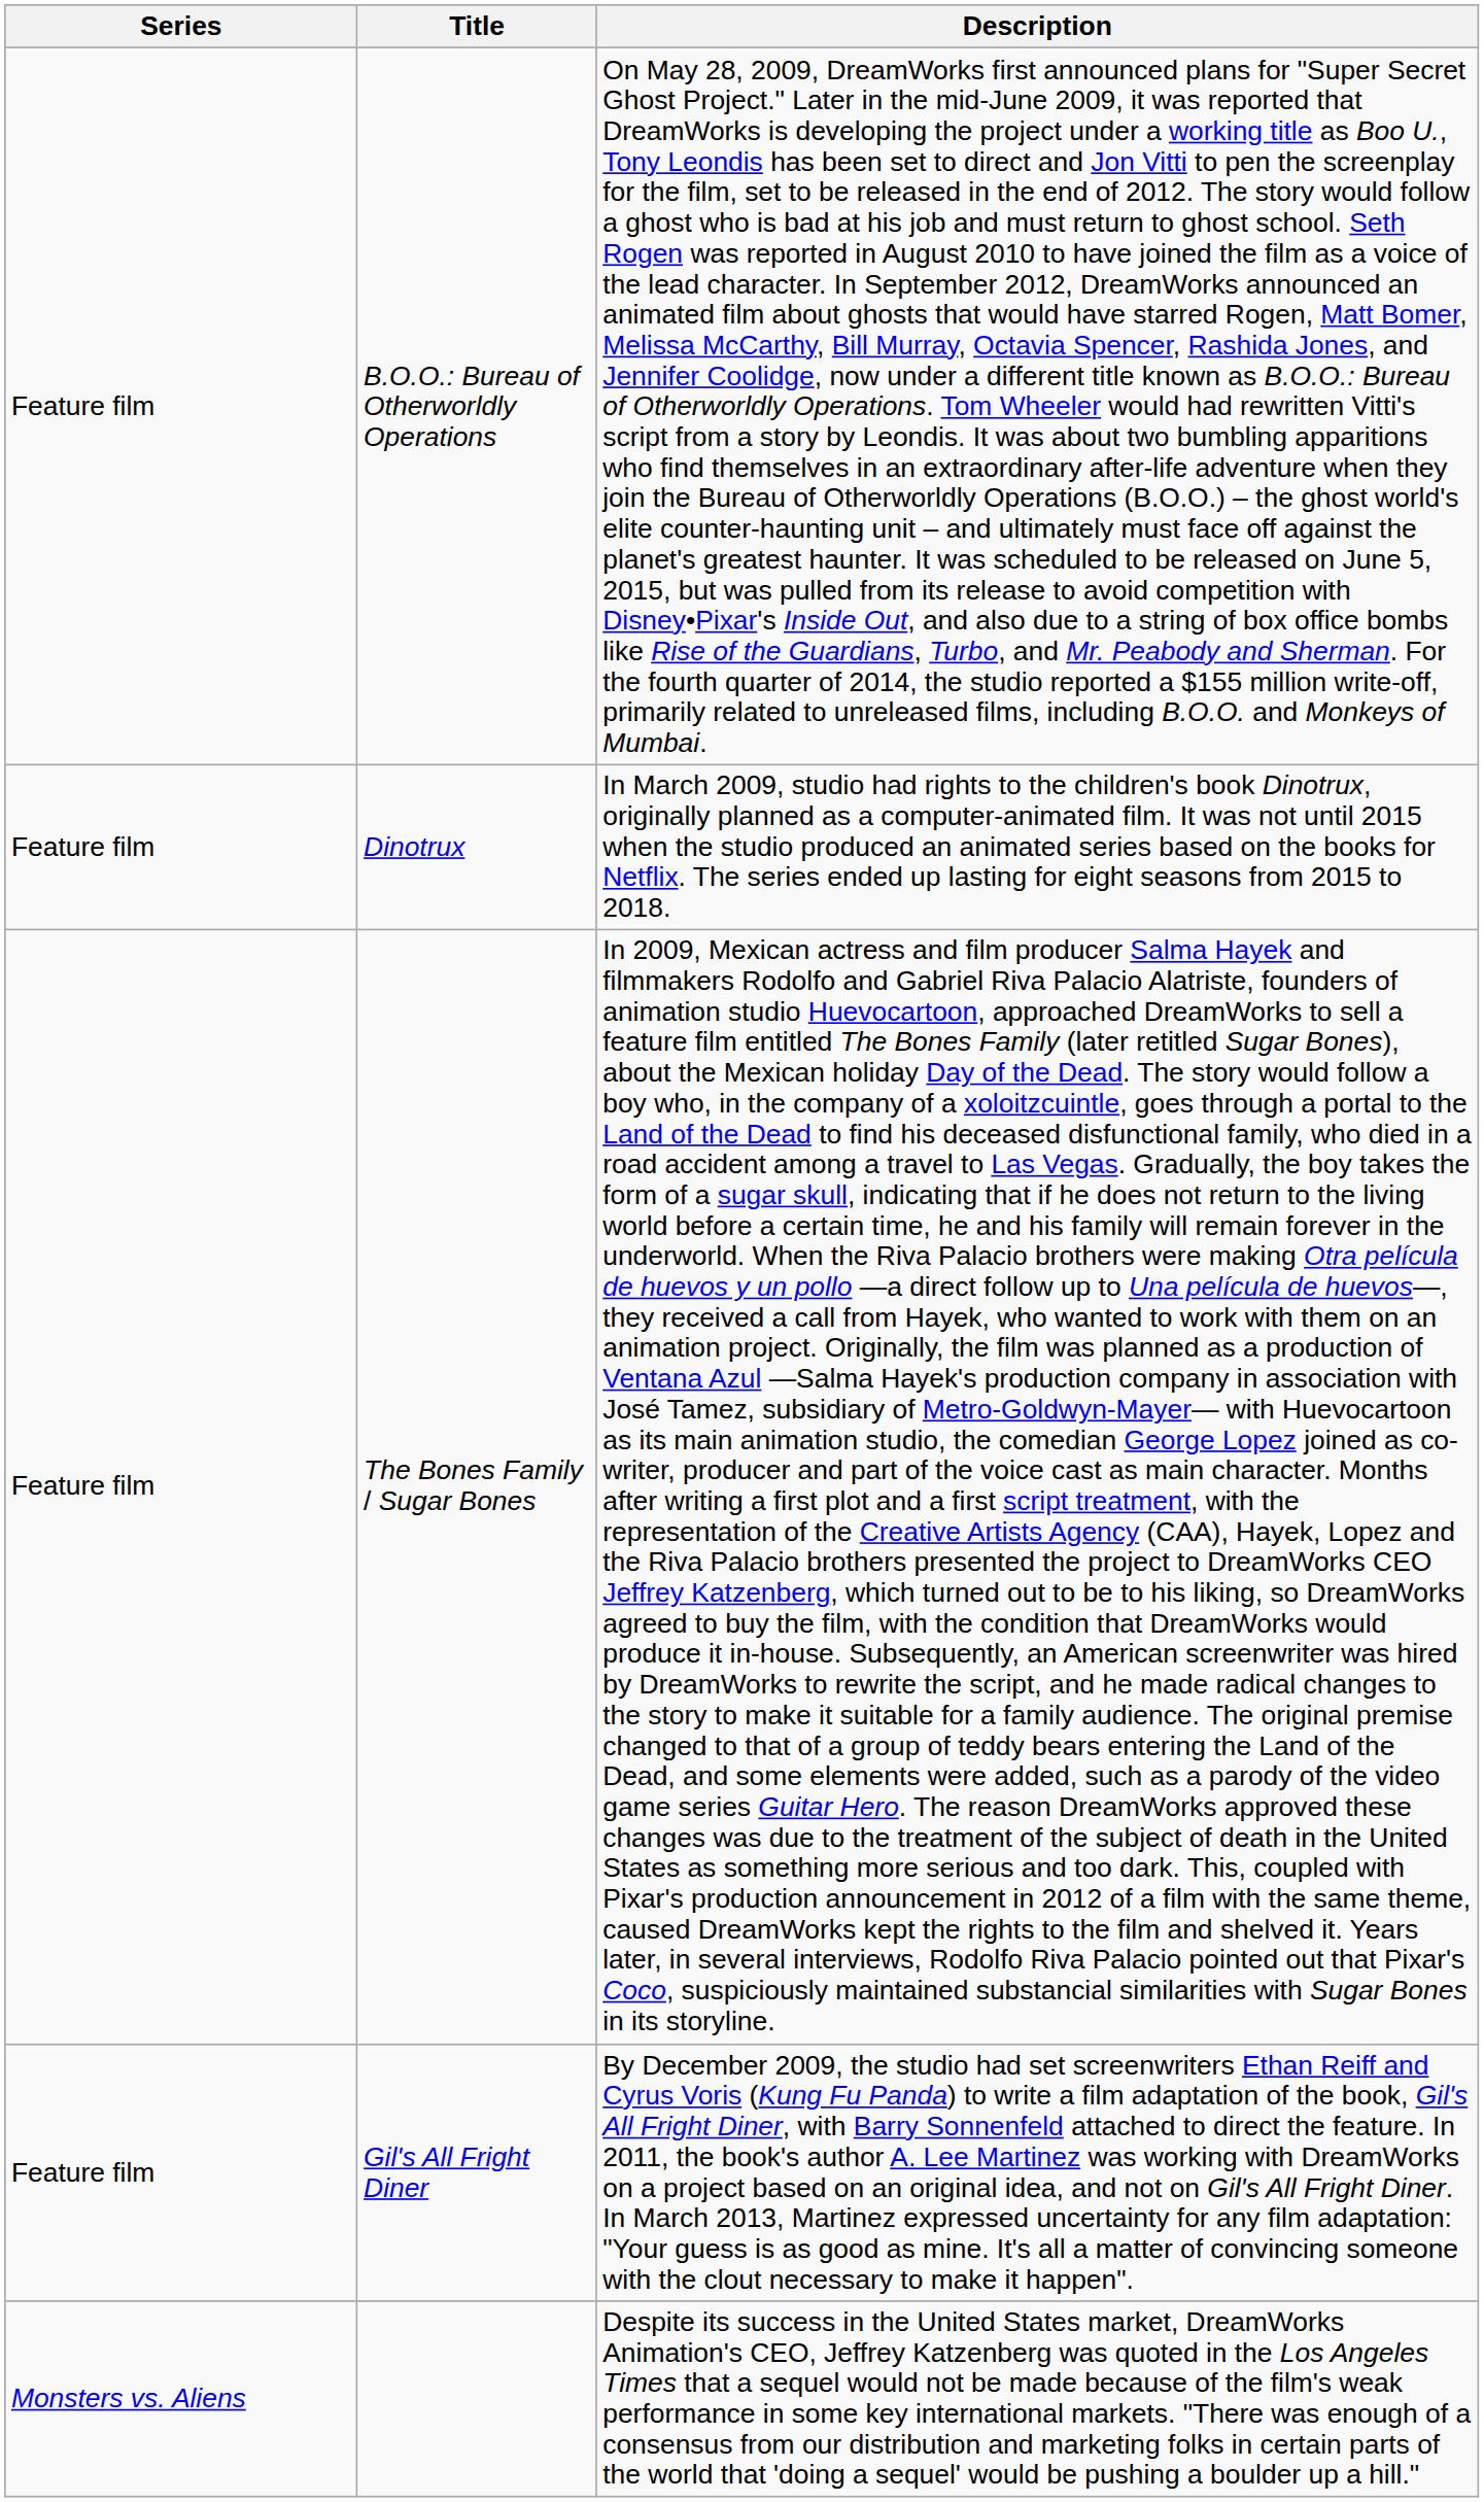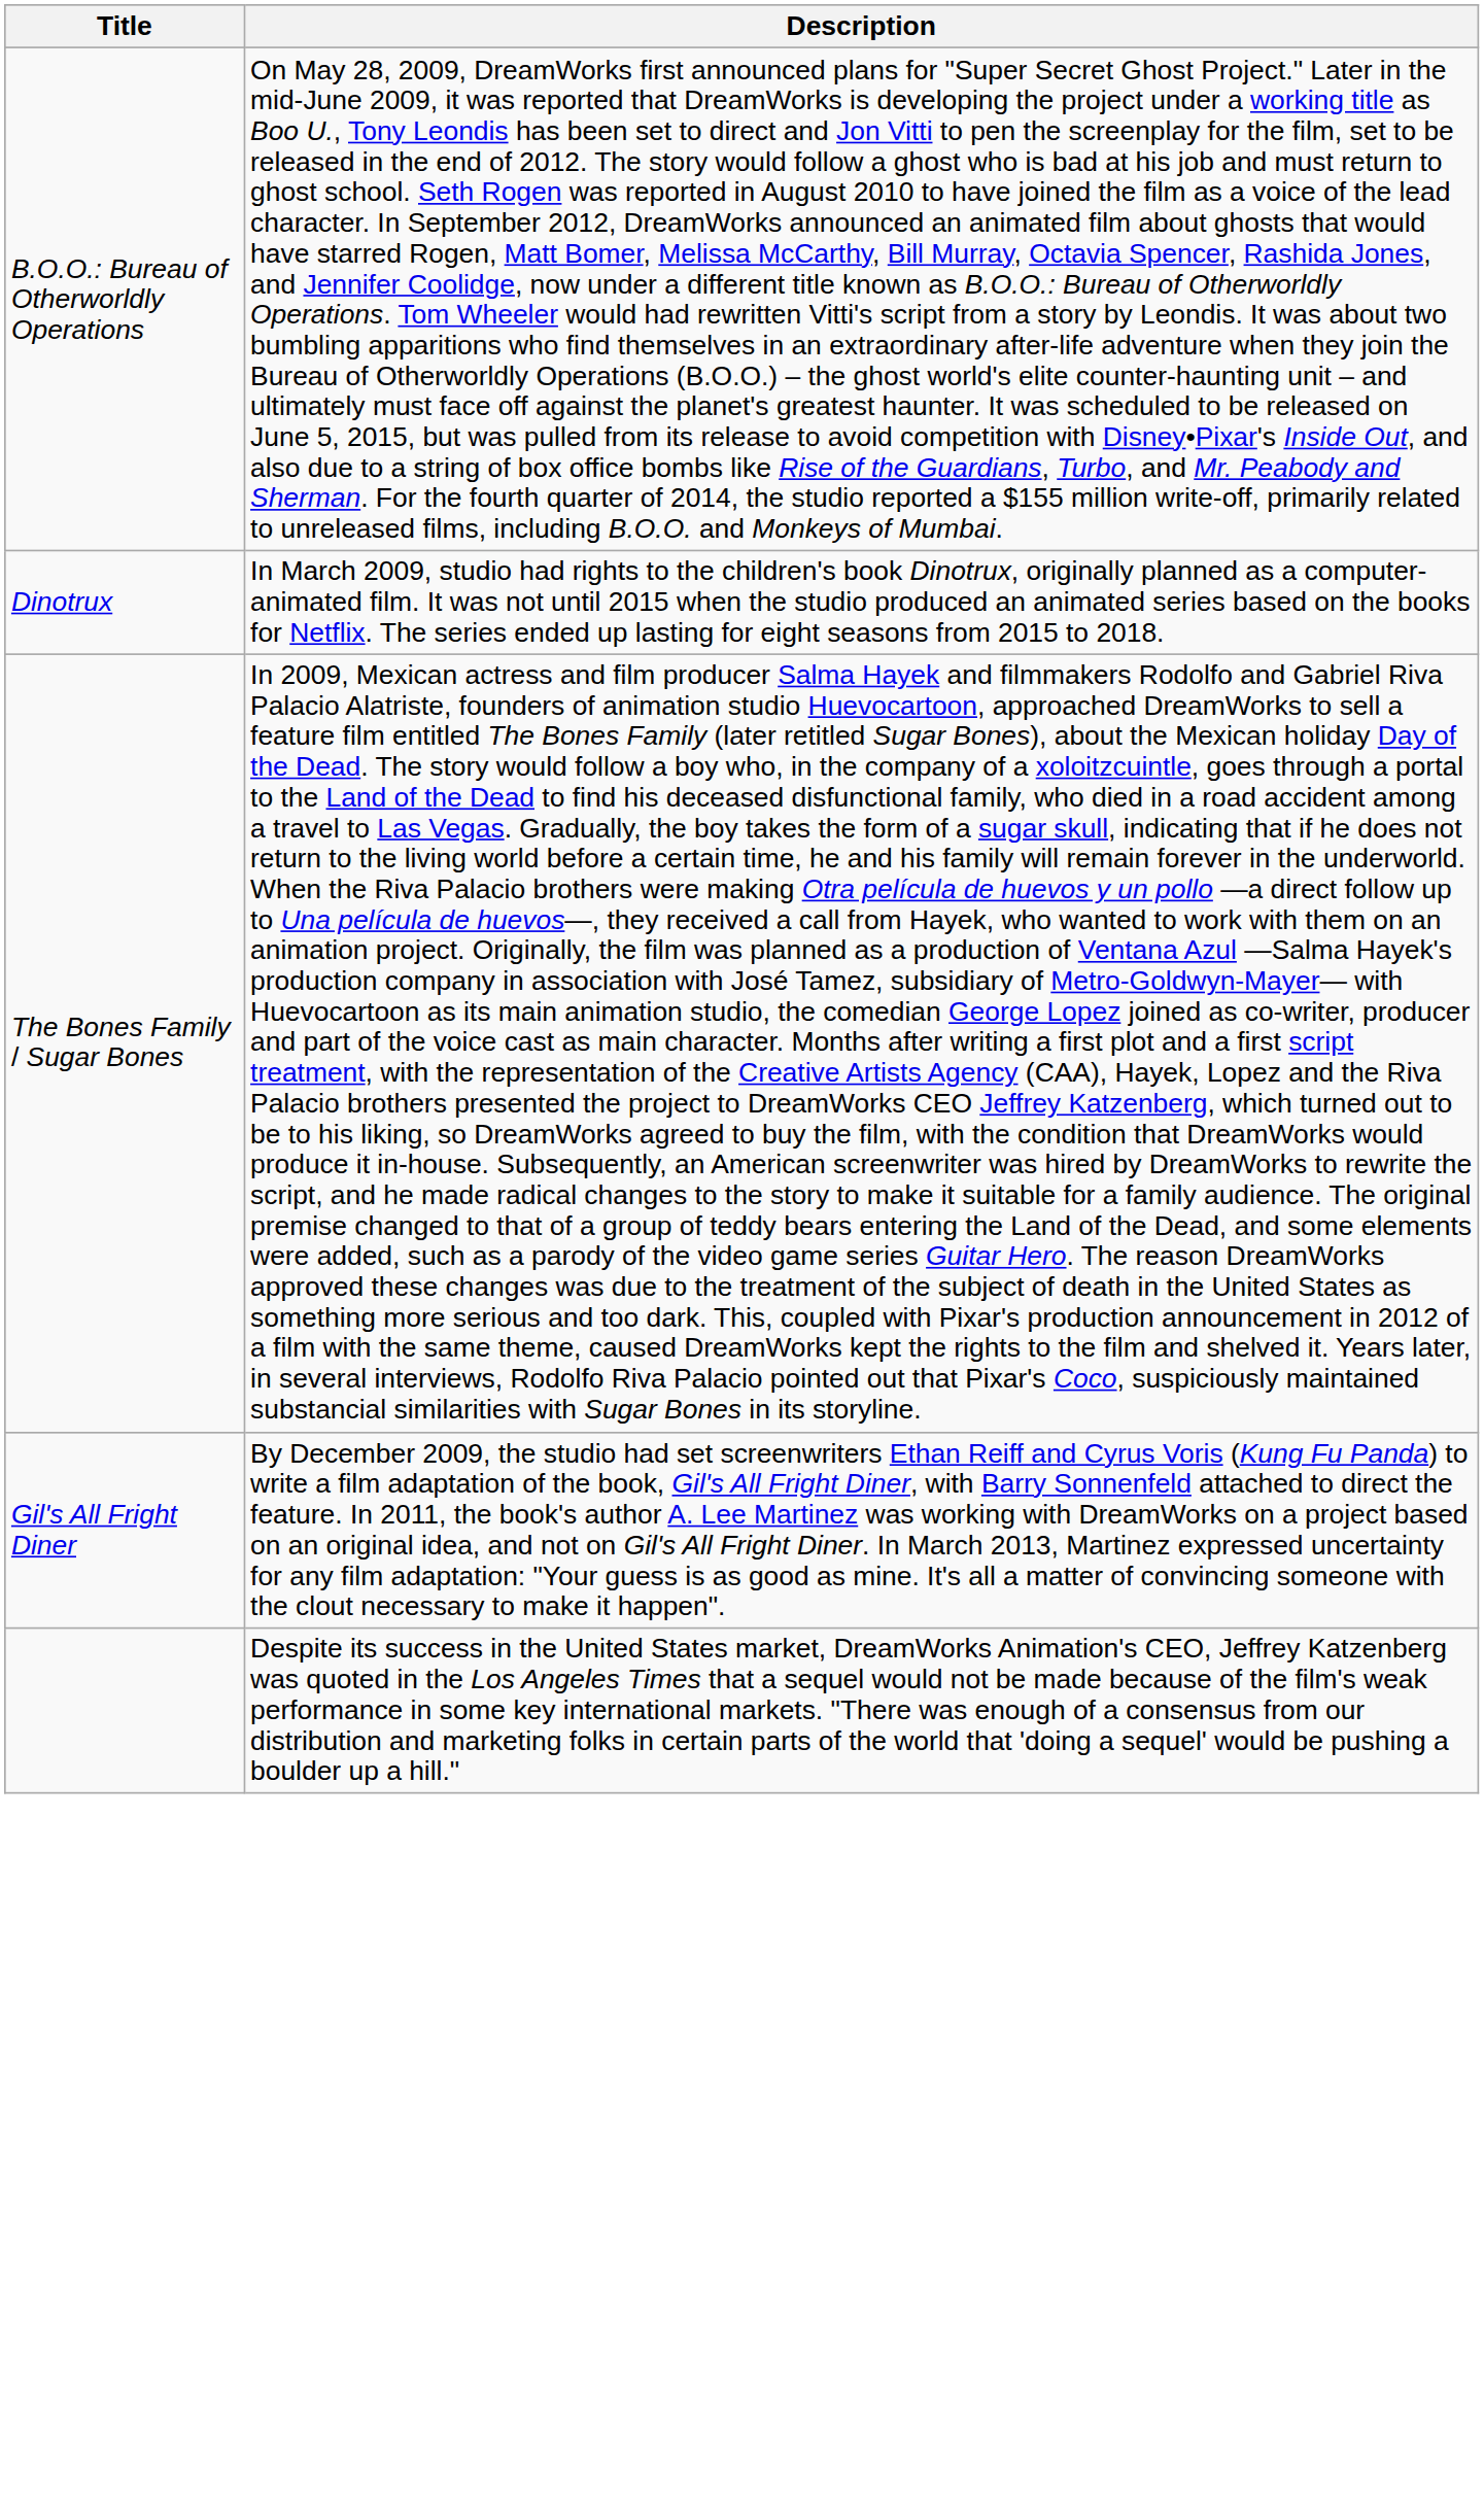 <table class="wikitable">
 <tr>
-<th style="width:150pt;">Series</th>
 <th style="width:100pt;">Title</th>
 <th>Description</th>
 </tr>
 <tr>
-<td>Feature film</td>
 <td><em>B.O.O.: Bureau of Otherworldly Operations</em></td>
 <td>On May 28, 2009, DreamWorks first announced plans for "Super Secret Ghost Project." Later in the mid-June 2009, it was reported that DreamWorks is developing the project under a <a href='#'>working title</a> as <em>Boo U.</em>, <a href='#'>Tony Leondis</a> has been set to direct and <a href='#'>Jon Vitti</a> to pen the screenplay for the film, set to be released in the end of 2012. The story would follow a ghost who is bad at his job and must return to ghost school. <a href='#'>Seth Rogen</a> was reported in August 2010 to have joined the film as a voice of the lead character. In September 2012, DreamWorks announced an animated film about ghosts that would have starred Rogen, <a href='#'>Matt Bomer</a>, <a href='#'>Melissa McCarthy</a>, <a href='#'>Bill Murray</a>, <a href='#'>Octavia Spencer</a>, <a href='#'>Rashida Jones</a>, and <a href='#'>Jennifer Coolidge</a>, now under a different title known as <em>B.O.O.: Bureau of Otherworldly Operations</em>. <a href='#'>Tom Wheeler</a> would had rewritten Vitti's script from a story by Leondis. It was about two bumbling apparitions who find themselves in an extraordinary after-life adventure when they join the Bureau of Otherworldly Operations (B.O.O.) – the ghost world's elite counter-haunting unit – and ultimately must face off against the planet's greatest haunter. It was scheduled to be released on June 5, 2015, but was pulled from its release to avoid competition with <a href='#'>Disney</a>•<a href='#'>Pixar</a>'s <em><a href='#'>Inside Out</a></em>, and also due to a string of box office bombs like <em><a href='#'>Rise of the Guardians</a></em>, <em><a href='#'>Turbo</a></em>, and <em><a href='#'>Mr. Peabody and Sherman</a></em>. For the fourth quarter of 2014, the studio reported a $155 million write-off, primarily related to unreleased films, including <em>B.O.O.</em> and <em>Monkeys of Mumbai</em>.</td>
 </tr>
 <tr>
-<td>Feature film</td>
 <td><em><a href='#'>Dinotrux</a></em></td>
 <td>In March 2009, studio had rights to the children's book <em>Dinotrux</em>, originally planned as a computer-animated film. It was not until 2015 when the studio produced an animated series based on the books for <a href='#'>Netflix</a>. The series ended up lasting for eight seasons from 2015 to 2018.</td>
 </tr>
 <tr>
-<td>Feature film</td>
 <td><em>The Bones Family</em> / <em>Sugar Bones</em></td>
 <td>In 2009, Mexican actress and film producer <a href='#'>Salma Hayek</a> and filmmakers Rodolfo and Gabriel Riva Palacio Alatriste, founders of animation studio <a href='#'>Huevocartoon</a>, approached DreamWorks to sell a feature film entitled <em>The Bones Family</em> (later retitled <em>Sugar Bones</em>), about the Mexican holiday <a href='#'>Day of the Dead</a>. The story would follow a boy who, in the company of a <a href='#'>xoloitzcuintle</a>, goes through a portal to the <a href='#'>Land of the Dead</a> to find his deceased disfunctional family, who died in a road accident among a travel to <a href='#'>Las Vegas</a>. Gradually, the boy takes the form of a <a href='#'>sugar skull</a>, indicating that if he does not return to the living world before a certain time, he and his family will remain forever in the underworld. When the Riva Palacio brothers were making <em><a href='#'>Otra película de huevos y un pollo</a></em> —a direct follow up to <em><a href='#'>Una película de huevos</a></em>—, they received a call from Hayek, who wanted to work with them on an animation project. Originally, the film was planned as a production of <a href='#'>Ventana Azul</a> —Salma Hayek's production company in association with José Tamez, subsidiary of <a href='#'>Metro-Goldwyn-Mayer</a>— with Huevocartoon as its main animation studio, the comedian <a href='#'>George Lopez</a> joined as co-writer, producer and part of the voice cast as main character. Months after writing a first plot and a first <a href='#'>script treatment</a>, with the representation of the <a href='#'>Creative Artists Agency</a> (CAA), Hayek, Lopez and the Riva Palacio brothers presented the project to DreamWorks CEO <a href='#'>Jeffrey Katzenberg</a>, which turned out to be to his liking, so DreamWorks agreed to buy the film, with the condition that DreamWorks would produce it in-house. Subsequently, an American screenwriter was hired by DreamWorks to rewrite the script, and he made radical changes to the story to make it suitable for a family audience. The original premise changed to that of a group of teddy bears entering the Land of the Dead, and some elements were added, such as a parody of the video game series <em><a href='#'>Guitar Hero</a></em>. The reason DreamWorks approved these changes was due to the treatment of the subject of death in the United States as something more serious and too dark. This, coupled with Pixar's production announcement in 2012 of a film with the same theme, caused DreamWorks kept the rights to the film and shelved it. Years later, in several interviews, Rodolfo Riva Palacio pointed out that Pixar's <em><a href='#'>Coco</a></em>, suspiciously maintained substancial similarities with <em>Sugar Bones</em> in its storyline.</td>
 </tr>
 <tr>
-<td>Feature film</td>
 <td><em><a href='#'>Gil's All Fright Diner</a></em></td>
 <td>By December 2009, the studio had set screenwriters <a href='#'>Ethan Reiff and Cyrus Voris</a> (<em><a href='#'>Kung Fu Panda</a></em>) to write a film adaptation of the book, <em><a href='#'>Gil's All Fright Diner</a></em>, with <a href='#'>Barry Sonnenfeld</a> attached to direct the feature. In 2011, the book's author <a href='#'>A. Lee Martinez</a> was working with DreamWorks on a project based on an original idea, and not on <em>Gil's All Fright Diner</em>. In March 2013, Martinez expressed uncertainty for any film adaptation: "Your guess is as good as mine. It's all a matter of convincing someone with the clout necessary to make it happen".</td>
 </tr>
 <tr>
-<td><em><a href='#'>Monsters vs. Aliens</a></em></td>
 <td></td>
 <td>Despite its success in the United States market, DreamWorks Animation's CEO, Jeffrey Katzenberg was quoted in the <em>Los Angeles Times</em> that a sequel would not be made because of the film's weak performance in some key international markets. "There was enough of a consensus from our distribution and marketing folks in certain parts of the world that 'doing a sequel' would be pushing a boulder up a hill."</td>
 </tr>
 </table>
